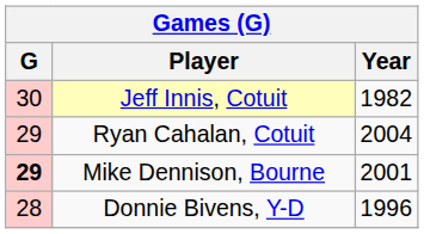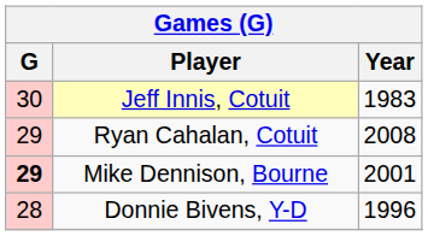 <table class="wikitable" style="display: inline-table; margin-right: 20px; text-align:center">
 <tr>
 <th colspan="3"><a href='#'>Games (G)</a></th>
 </tr>
 <tr>
 <th scope="col" style="width: 25px;">G</th>
 <th scope="col" style="width: 200px;">Player</th>
 <th scope="col" style="width: 25px;">Year</th>
 </tr>
 <tr>
 <td bgcolor=#ffcccc>30</td>
 <td !scope="row" style="background:#ffb;"><a href='#'>Jeff Innis</a>, <a href='#'>Cotuit</a></td>
-<td>1982</td>
+<td>1983</td>
 </tr>
 <tr>
 <td bgcolor=#ffcccc>29</td>
 <td>Ryan Cahalan, <a href='#'>Cotuit</a></td>
-<td>2004</td>
+<td>2008</td>
 </tr>
 <tr>
 <td bgcolor=#ffcccc><strong>29</strong></td>
 <td>Mike Dennison, <a href='#'>Bourne</a></td>
 <td>2001</td>
 </tr>
 <tr>
 <td bgcolor=#ffcccc>28</td>
 <td>Donnie Bivens, <a href='#'>Y-D</a></td>
 <td>1996</td>
 </tr>
 <tr>
 </tr>
 </table>
